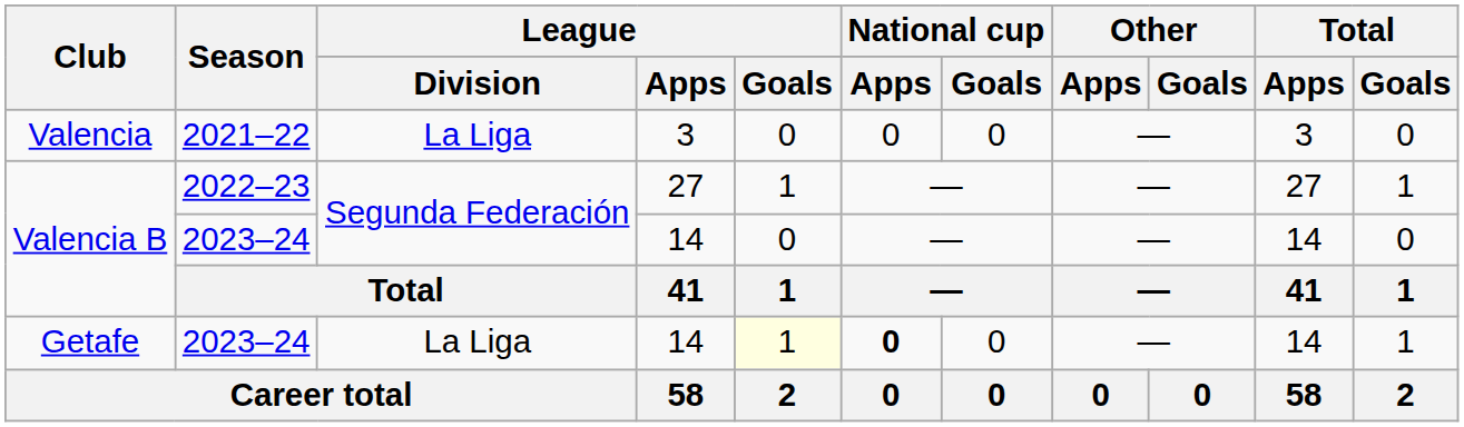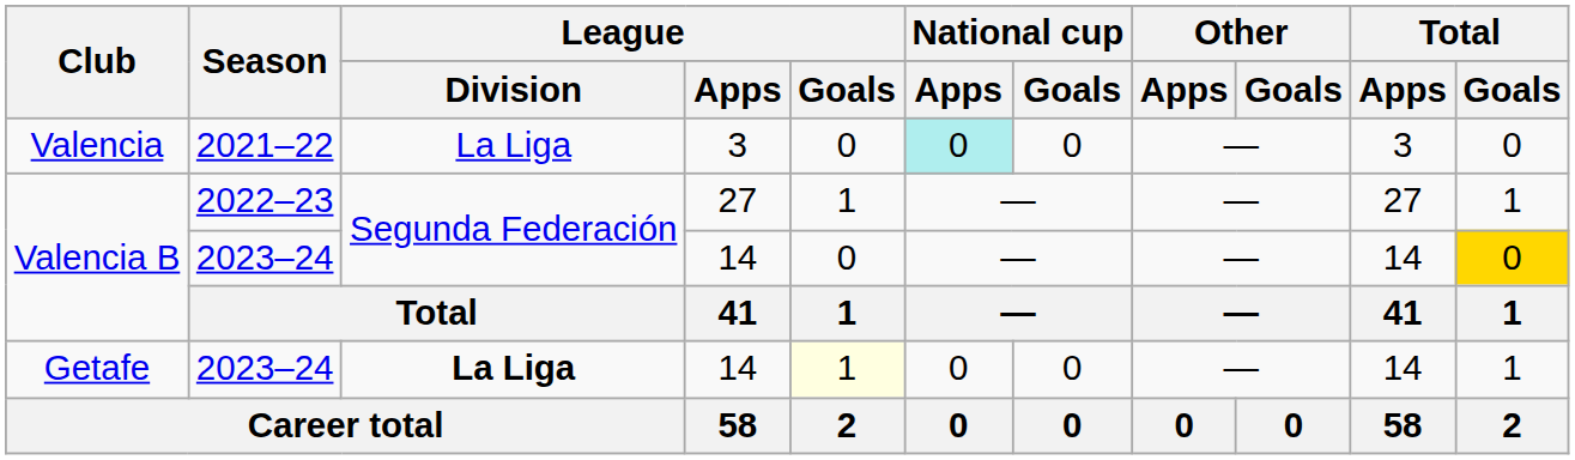 <table class="wikitable" style="text-align:center">
 <tr>
 <th rowspan="2">Club</th>
 <th rowspan="2">Season</th>
 <th colspan="3">League</th>
 <th colspan="2">National cup</th>
 <th colspan="2">Other</th>
 <th colspan="2">Total</th>
 </tr>
 <tr>
 <th>Division</th>
 <th>Apps</th>
 <th>Goals</th>
 <th>Apps</th>
 <th>Goals</th>
 <th>Apps</th>
 <th>Goals</th>
 <th>Apps</th>
 <th>Goals</th>
 </tr>
 <tr>
 <td><a href='#'>Valencia</a></td>
 <td><a href='#'>2021–22</a></td>
 <td><a href='#'>La Liga</a></td>
 <td>3</td>
 <td>0</td>
-<td>0</td>
+<td style="background: paleturquoise;">0</td>
 <td>0</td>
 <td colspan="2">—</td>
 <td>3</td>
 <td>0</td>
 </tr>
 <tr>
 <td rowspan="3"><a href='#'>Valencia B</a></td>
 <td><a href='#'>2022–23</a></td>
 <td rowspan="2"><a href='#'>Segunda Federación</a></td>
 <td>27</td>
 <td>1</td>
 <td colspan="2">—</td>
 <td colspan="2">—</td>
 <td>27</td>
 <td>1</td>
 </tr>
 <tr>
 <td><a href='#'>2023–24</a></td>
 <td>14</td>
 <td>0</td>
 <td colspan="2">—</td>
 <td colspan="2">—</td>
 <td>14</td>
-<td>0</td>
+<td style="background: gold;">0</td>
 </tr>
 <tr>
 <th colspan="2">Total</th>
 <th>41</th>
 <th>1</th>
 <th colspan="2">—</th>
 <th colspan="2">—</th>
 <th>41</th>
 <th>1</th>
 </tr>
 <tr>
 <td><a href='#'>Getafe</a></td>
 <td><a href='#'>2023–24</a></td>
-<td>La Liga</td>
+<td><strong>La Liga</strong></td>
 <td>14</td>
 <td style="background: lightyellow;">1</td>
-<td><strong>0</strong></td>
+<td>0</td>
 <td>0</td>
 <td colspan="2">—</td>
 <td>14</td>
 <td>1</td>
 </tr>
 <tr>
 <th colspan="3">Career total</th>
 <th>58</th>
 <th>2</th>
 <th>0</th>
 <th>0</th>
 <th>0</th>
 <th>0</th>
 <th>58</th>
 <th>2</th>
 </tr>
 </table>
